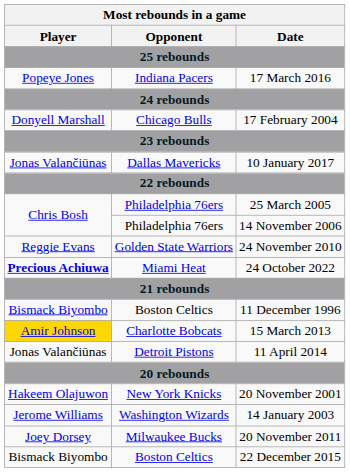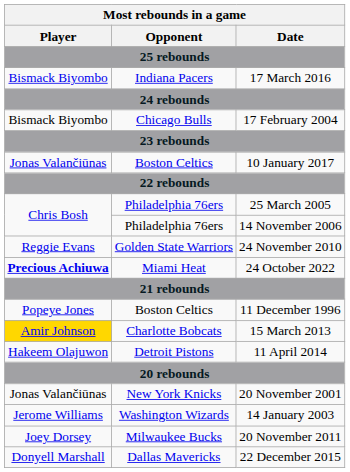 <table class="wikitable" style="text-align:center">
 <tr>
 <th colspan="3">Most rebounds in a game</th>
 </tr>
 <tr>
 <th>Player</th>
 <th>Opponent</th>
 <th>Date</th>
 </tr>
 <tr>
 <th colspan="4" style="text-align:center; background:#A1A1A4; color:#061922;">25 rebounds</th>
 </tr>
 <tr>
-<td><a href='#'>Popeye Jones</a></td>
+<td><a href='#'>Bismack Biyombo</a></td>
 <td><a href='#'>Indiana Pacers</a></td>
 <td>17 March 2016</td>
 </tr>
 <tr>
 <th colspan="3" style="text-align:center; background:#A1A1A4; color:#061922;">24 rebounds</th>
 </tr>
 <tr>
-<td><a href='#'>Donyell Marshall</a></td>
+<td>Bismack Biyombo</td>
 <td><a href='#'>Chicago Bulls</a></td>
 <td>17 February 2004</td>
 </tr>
 <tr>
 <th colspan="4" style="text-align:center; background:#A1A1A4; color:#061922;">23 rebounds</th>
 </tr>
 <tr>
 <td><a href='#'>Jonas Valančiūnas</a></td>
-<td><a href='#'>Dallas Mavericks</a></td>
+<td><a href='#'>Boston Celtics</a></td>
 <td>10 January 2017</td>
 </tr>
 <tr>
 <th colspan="3" style="text-align:center; background:#A1A1A4; color:#061922;">22 rebounds</th>
 </tr>
 <tr>
 <td rowspan=2><a href='#'>Chris Bosh</a></td>
 <td><a href='#'>Philadelphia 76ers</a></td>
 <td>25 March 2005</td>
 </tr>
 <tr>
 <td>Philadelphia 76ers</td>
 <td>14 November 2006</td>
 </tr>
 <tr>
 <td><a href='#'>Reggie Evans</a></td>
 <td><a href='#'>Golden State Warriors</a></td>
 <td>24 November 2010</td>
 </tr>
 <tr>
 <td><strong><a href='#'>Precious Achiuwa</a></strong></td>
 <td><a href='#'>Miami Heat</a></td>
 <td>24 October 2022</td>
 </tr>
 <tr>
 <th colspan="3" style="text-align:center; background:#A1A1A4; color:#061922;">21 rebounds</th>
 </tr>
 <tr>
-<td><a href='#'>Bismack Biyombo</a></td>
+<td><a href='#'>Popeye Jones</a></td>
 <td>Boston Celtics</td>
 <td>11 December 1996</td>
 </tr>
 <tr>
 <td style="background: gold;"><a href='#'>Amir Johnson</a></td>
 <td><a href='#'>Charlotte Bobcats</a></td>
 <td>15 March 2013</td>
 </tr>
 <tr>
-<td>Jonas Valančiūnas</td>
+<td><a href='#'>Hakeem Olajuwon</a></td>
 <td><a href='#'>Detroit Pistons</a></td>
 <td>11 April 2014</td>
 </tr>
 <tr>
 <th colspan="3" style="text-align:center; background:#A1A1A4; color:#061922;">20 rebounds</th>
 </tr>
 <tr>
-<td><a href='#'>Hakeem Olajuwon</a></td>
+<td>Jonas Valančiūnas</td>
 <td><a href='#'>New York Knicks</a></td>
 <td>20 November 2001</td>
 </tr>
 <tr>
 <td><a href='#'>Jerome Williams</a></td>
 <td><a href='#'>Washington Wizards</a></td>
 <td>14 January 2003</td>
 </tr>
 <tr>
 <td><a href='#'>Joey Dorsey</a></td>
 <td><a href='#'>Milwaukee Bucks</a></td>
 <td>20 November 2011</td>
 </tr>
 <tr>
-<td>Bismack Biyombo</td>
-<td><a href='#'>Boston Celtics</a></td>
+<td><a href='#'>Donyell Marshall</a></td>
+<td><a href='#'>Dallas Mavericks</a></td>
 <td>22 December 2015</td>
 </tr>
 </table>
